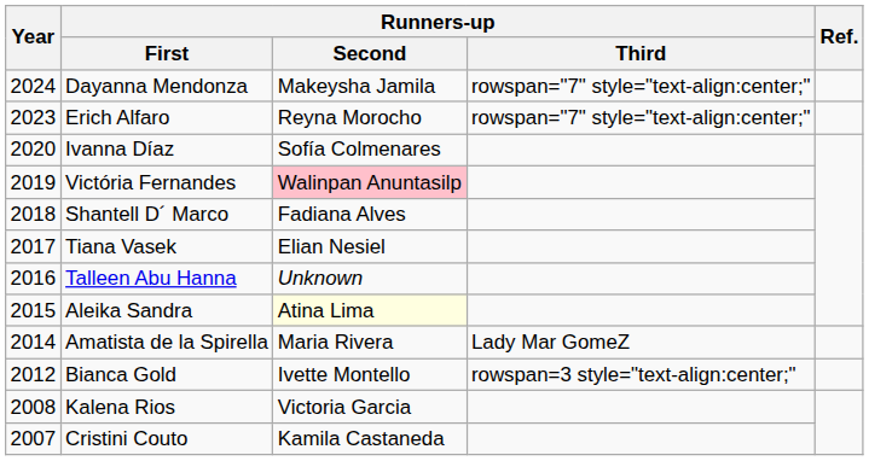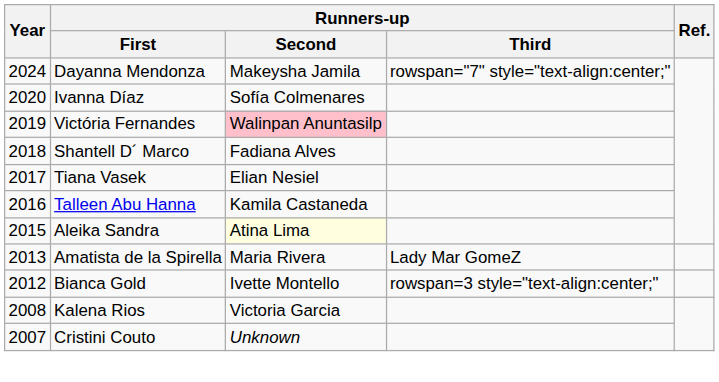 <table class="wikitable sortable" style="font-size: 85%;">
 <tr>
 <th rowspan="2">Year</th>
 <th colspan="3">Runners-up</th>
 <th rowspan="2">Ref.</th>
 </tr>
 <tr>
 <th>First</th>
 <th>Second</th>
 <th>Third</th>
 </tr>
 <tr>
 <td>2024</td>
 <td>Dayanna Mendonza<br></td>
 <td>Makeysha Jamila<br></td>
 <td>rowspan="7" style="text-align:center;" </td>
-</tr>
-<tr>
-<td>2023</td>
-<td>Erich Alfaro<br></td>
-<td>Reyna Morocho<br></td>
-<td>rowspan="7" style="text-align:center;" </td>
-<td></td>
 </tr>
 <tr>
 <td>2020</td>
 <td>Ivanna Díaz<br></td>
 <td>Sofía Colmenares<br></td>
 <td></td>
 </tr>
 <tr>
 <td>2019</td>
 <td>Victória Fernandes<br></td>
 <td style="background: pink;">Walinpan Anuntasilp<br></td>
 <td></td>
 </tr>
 <tr>
 <td>2018</td>
 <td>Shantell D´ Marco<br></td>
 <td>Fadiana Alves<br></td>
 <td></td>
 </tr>
 <tr>
 <td>2017</td>
 <td>Tiana Vasek<br></td>
 <td>Elian Nesiel<br></td>
 <td></td>
 </tr>
 <tr>
 <td>2016</td>
 <td><a href='#'>Talleen Abu Hanna</a><br></td>
-<td><em>Unknown</em><br><em></em></td>
+<td>Kamila Castaneda<br></td>
 <td></td>
 </tr>
 <tr>
 <td>2015</td>
 <td>Aleika Sandra<br></td>
 <td style="background: lightyellow;">Atina Lima<br></td>
 <td></td>
 </tr>
 <tr>
-<td>2014</td>
+<td>2013</td>
 <td>Amatista de la Spirella<br></td>
 <td>Maria Rivera<br></td>
 <td>Lady Mar GomeZ<br></td>
 <td></td>
 </tr>
 <tr>
 <td>2012</td>
 <td>Bianca Gold<br></td>
 <td>Ivette Montello<br></td>
 <td>rowspan=3 style="text-align:center;" </td>
 <td></td>
 </tr>
 <tr>
 <td>2008</td>
 <td>Kalena Rios<br></td>
 <td>Victoria Garcia<br></td>
 <td></td>
 </tr>
 <tr>
 <td>2007</td>
 <td>Cristini Couto<br></td>
-<td>Kamila Castaneda<br></td>
+<td><em>Unknown</em><br><em></em></td>
 <td></td>
 </tr>
 </table>
